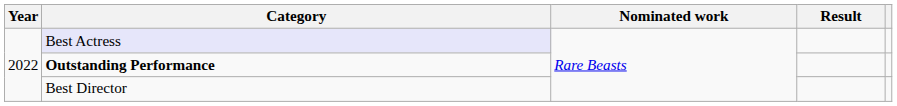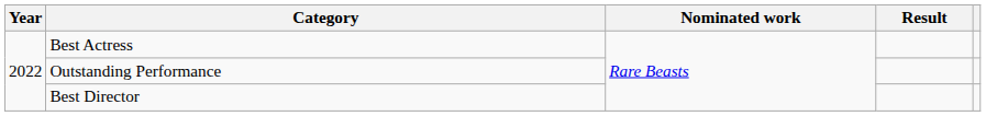 <table class="wikitable" width="74%">
 <tr>
 <th width="4%">Year</th>
 <th width="58%">Category</th>
 <th width="28%">Nominated work</th>
 <th width="10%">Result</th>
 <th width="5%"></th>
 </tr>
 <tr>
 <td rowspan="3">2022</td>
-<td style="background: lavender;">Best Actress</td>
+<td>Best Actress</td>
 <td rowspan="3"><em><a href='#'>Rare Beasts</a></em></td>
 <td></td>
 <td></td>
 </tr>
 <tr>
-<td><strong>Outstanding Performance</strong></td>
+<td>Outstanding Performance</td>
 <td></td>
 <td></td>
 </tr>
 <tr>
 <td>Best Director</td>
 <td></td>
 <td></td>
 </tr>
 </table>
